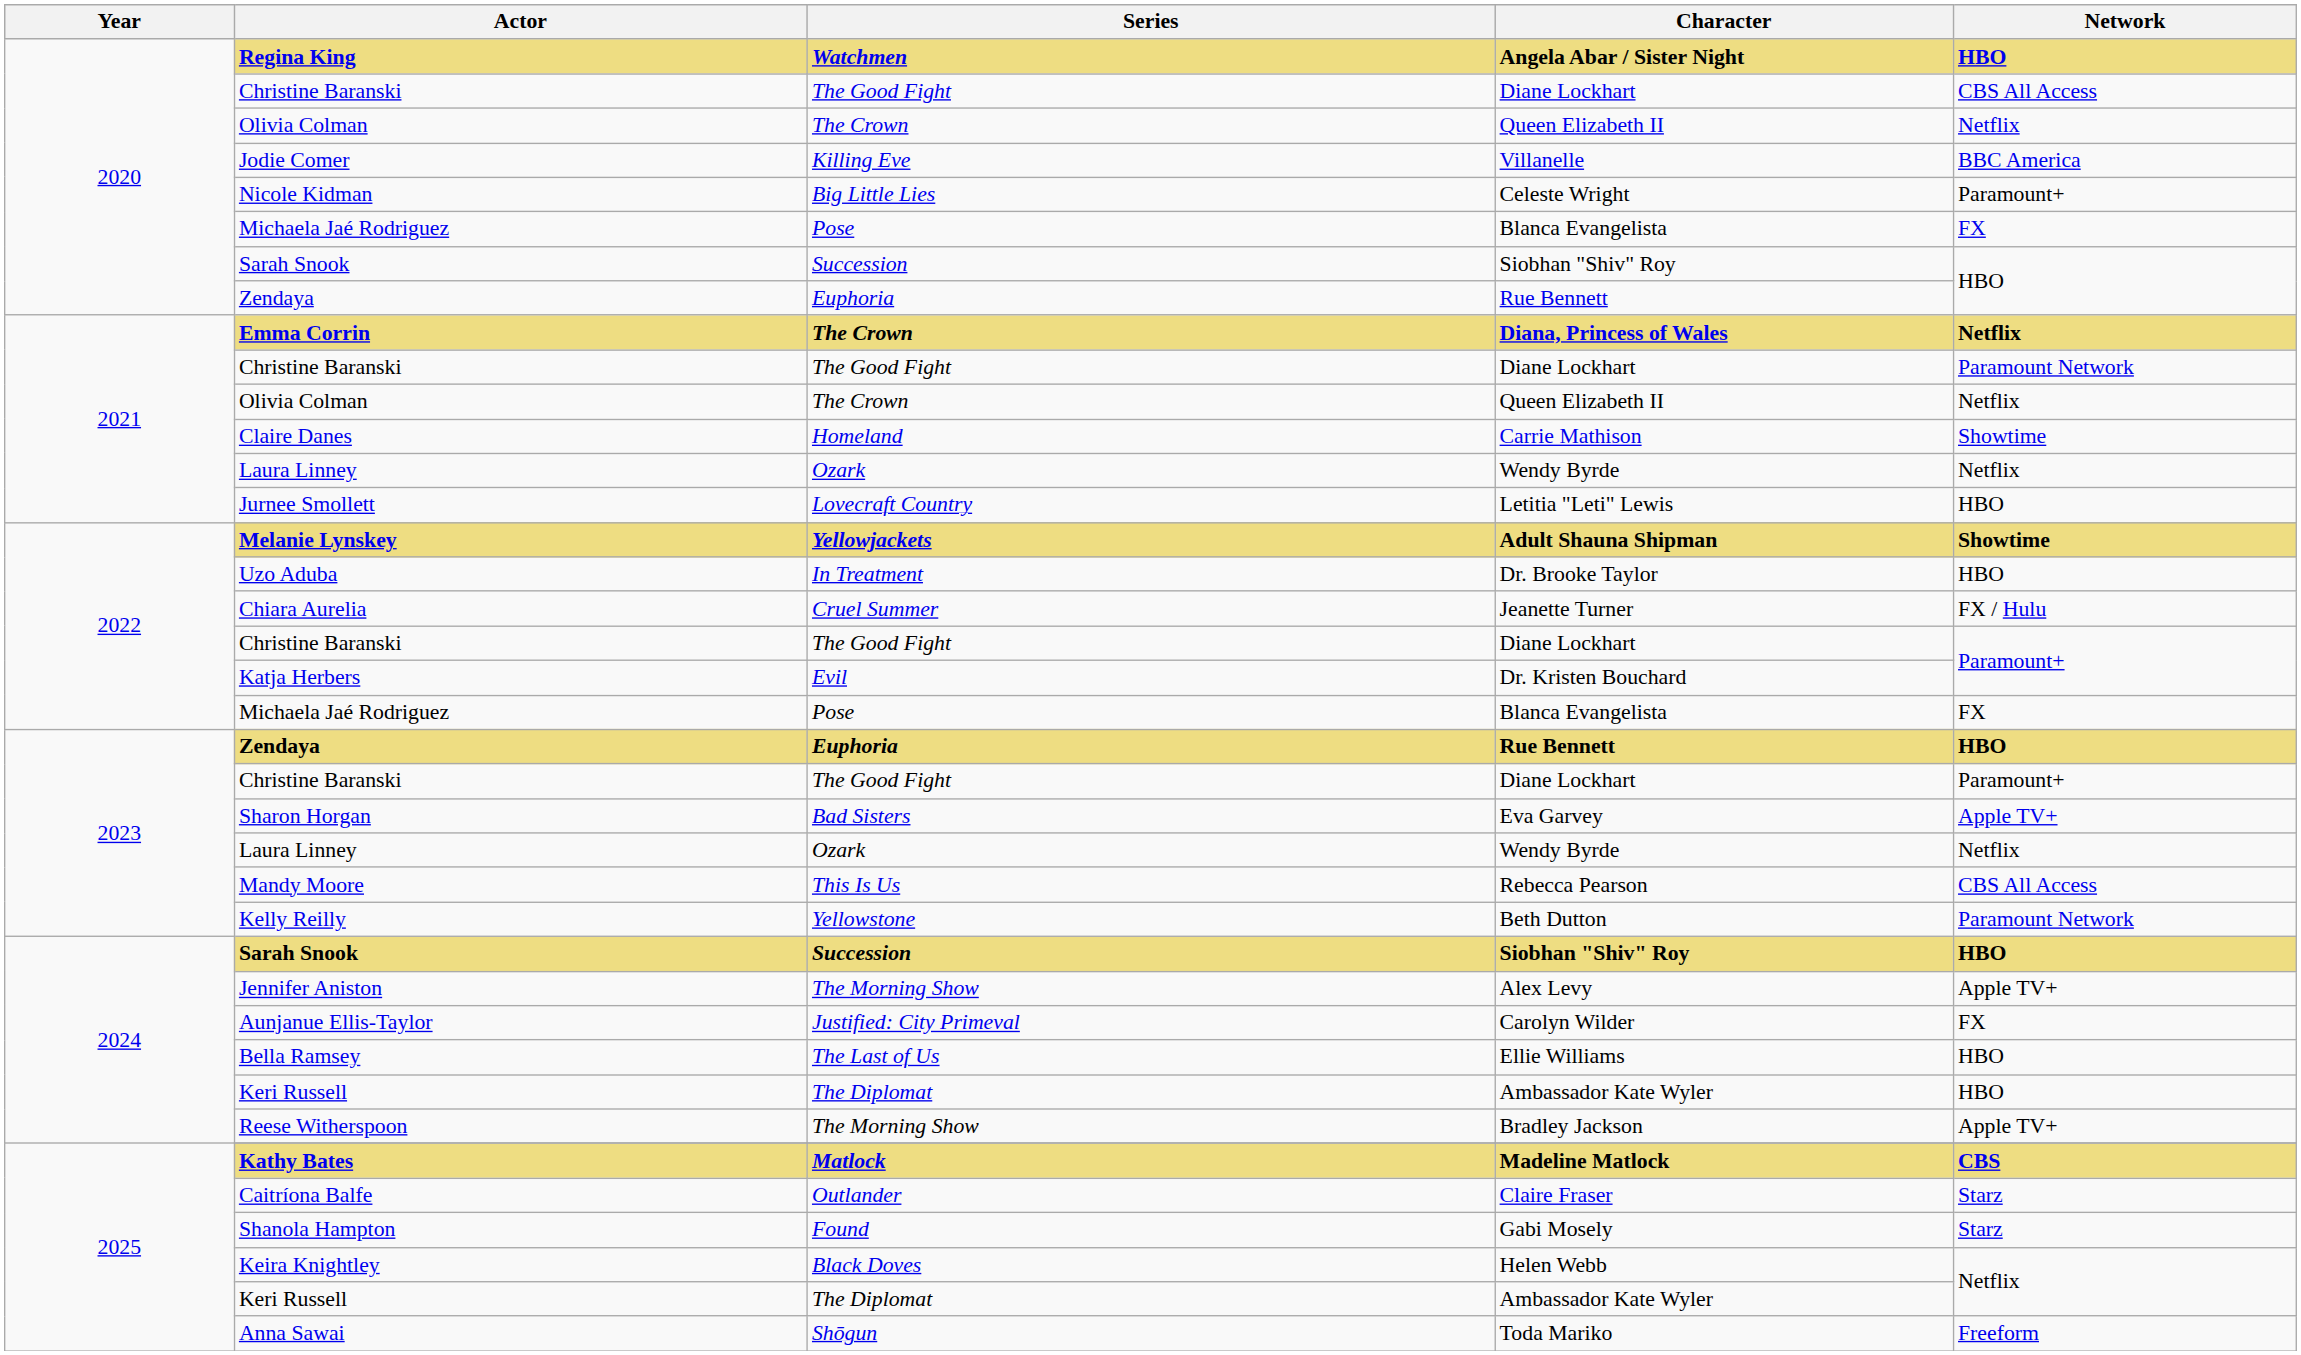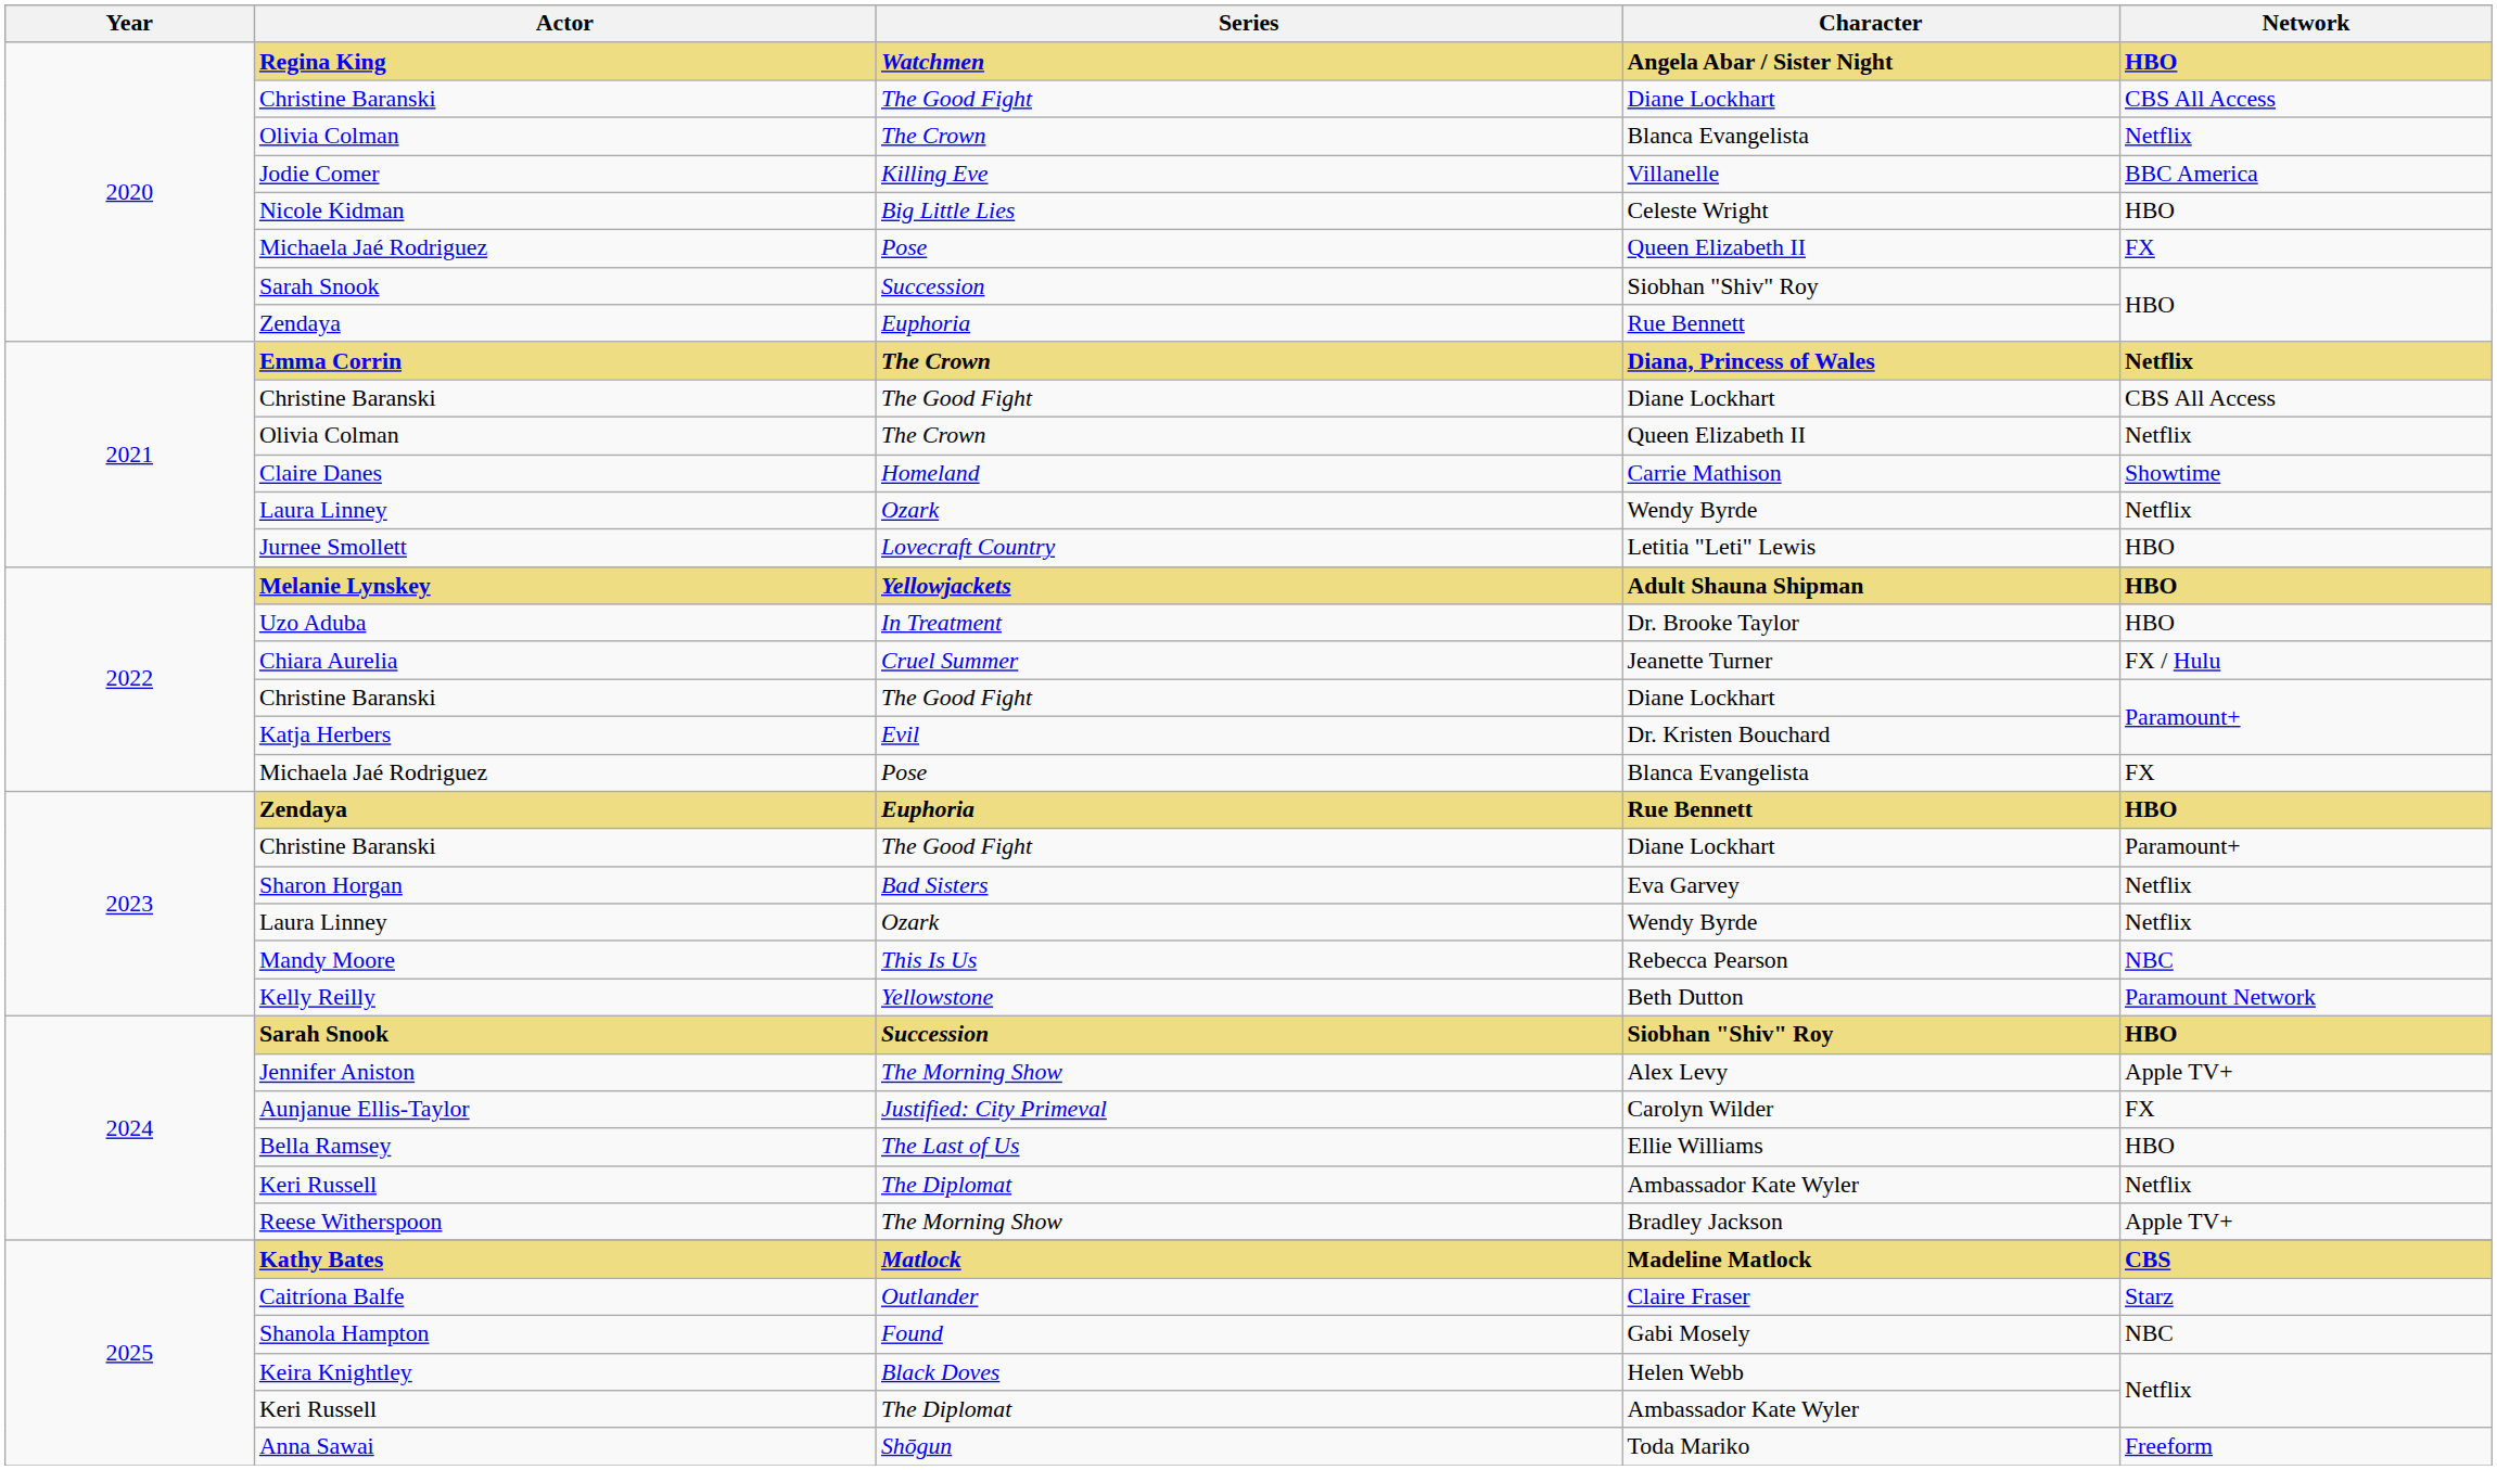 <table class="wikitable" style="width:85%">
 <tr style="background:#bebebe;">
 <th style="width:10%;">Year</th>
 <th style="wodth:25%;">Actor</th>
 <th style="width:30%;">Series</th>
 <th style="width:20%;">Character</th>
 <th style="width:15%;">Network</th>
 </tr>
 <tr>
 <td rowspan="8" style="text-align:center;"><a href='#'>2020</a><br></td>
 <td style="background:#EEDD82;"><strong><a href='#'>Regina King</a></strong></td>
 <td style="background:#EEDD82;"><strong><em><a href='#'>Watchmen</a></em></strong></td>
 <td style="background:#EEDD82;"><strong>Angela Abar / Sister Night</strong></td>
 <td style="background:#EEDD82;"><strong><a href='#'>HBO</a></strong></td>
 </tr>
 <tr>
 <td><a href='#'>Christine Baranski</a></td>
 <td><em><a href='#'>The Good Fight</a></em></td>
 <td><a href='#'>Diane Lockhart</a></td>
 <td><a href='#'>CBS All Access</a></td>
 </tr>
 <tr>
 <td><a href='#'>Olivia Colman</a></td>
 <td><em><a href='#'>The Crown</a></em></td>
-<td><a href='#'>Queen Elizabeth II</a></td>
+<td>Blanca Evangelista</td>
 <td><a href='#'>Netflix</a></td>
 </tr>
 <tr>
 <td><a href='#'>Jodie Comer</a></td>
 <td><em><a href='#'>Killing Eve</a></em></td>
 <td><a href='#'>Villanelle</a></td>
 <td><a href='#'>BBC America</a></td>
 </tr>
 <tr>
 <td><a href='#'>Nicole Kidman</a></td>
 <td><em><a href='#'>Big Little Lies</a></em></td>
 <td>Celeste Wright</td>
-<td>Paramount+</td>
+<td>HBO</td>
 </tr>
 <tr>
 <td><a href='#'>Michaela Jaé Rodriguez</a></td>
 <td><em><a href='#'>Pose</a></em></td>
-<td>Blanca Evangelista</td>
+<td><a href='#'>Queen Elizabeth II</a></td>
 <td><a href='#'>FX</a></td>
 </tr>
 <tr>
 <td><a href='#'>Sarah Snook</a></td>
 <td><em><a href='#'>Succession</a></em></td>
 <td>Siobhan "Shiv" Roy</td>
 <td rowspan="2">HBO</td>
 </tr>
 <tr>
 <td><a href='#'>Zendaya</a></td>
 <td><em><a href='#'>Euphoria</a></em></td>
 <td><a href='#'>Rue Bennett</a></td>
 </tr>
 <tr>
 <td rowspan="6" style="text-align:center;"><a href='#'>2021</a><br></td>
 <td style="background:#EEDD82;"><strong><a href='#'>Emma Corrin</a></strong></td>
 <td style="background:#EEDD82;"><strong><em>The Crown</em></strong></td>
 <td style="background:#EEDD82;"><strong><a href='#'>Diana, Princess of Wales</a></strong></td>
 <td style="background:#EEDD82;"><strong>Netflix</strong></td>
 </tr>
 <tr>
 <td>Christine Baranski</td>
 <td><em>The Good Fight</em></td>
 <td>Diane Lockhart</td>
-<td><a href='#'>Paramount Network</a></td>
+<td>CBS All Access</td>
 </tr>
 <tr>
 <td>Olivia Colman</td>
 <td><em>The Crown</em></td>
 <td>Queen Elizabeth II</td>
 <td>Netflix</td>
 </tr>
 <tr>
 <td><a href='#'>Claire Danes</a></td>
 <td><em><a href='#'>Homeland</a></em></td>
 <td><a href='#'>Carrie Mathison</a></td>
 <td><a href='#'>Showtime</a></td>
 </tr>
 <tr>
 <td><a href='#'>Laura Linney</a></td>
 <td><em><a href='#'>Ozark</a></em></td>
 <td>Wendy Byrde</td>
 <td>Netflix</td>
 </tr>
 <tr>
 <td><a href='#'>Jurnee Smollett</a></td>
 <td><em><a href='#'>Lovecraft Country</a></em></td>
 <td>Letitia "Leti" Lewis</td>
 <td>HBO</td>
 </tr>
 <tr>
 <td rowspan="6" style="text-align:center;"><a href='#'>2022</a><br></td>
 <td style="background:#EEDD82;"><strong><a href='#'>Melanie Lynskey</a></strong></td>
 <td style="background:#EEDD82;"><strong><em><a href='#'>Yellowjackets</a></em></strong></td>
 <td style="background:#EEDD82;"><strong>Adult Shauna Shipman</strong></td>
-<td style="background:#EEDD82;"><strong>Showtime</strong></td>
+<td style="background:#EEDD82;"><strong>HBO</strong></td>
 </tr>
 <tr>
 <td><a href='#'>Uzo Aduba</a></td>
 <td><em><a href='#'>In Treatment</a></em></td>
 <td>Dr. Brooke Taylor</td>
 <td>HBO</td>
 </tr>
 <tr>
 <td><a href='#'>Chiara Aurelia</a></td>
 <td><em><a href='#'>Cruel Summer</a></em></td>
 <td>Jeanette Turner</td>
 <td>FX / <a href='#'>Hulu</a></td>
 </tr>
 <tr>
 <td>Christine Baranski</td>
 <td><em>The Good Fight</em></td>
 <td>Diane Lockhart</td>
 <td rowspan=2><a href='#'>Paramount+</a></td>
 </tr>
 <tr>
 <td><a href='#'>Katja Herbers</a></td>
 <td><em><a href='#'>Evil</a></em></td>
 <td>Dr. Kristen Bouchard</td>
 </tr>
 <tr>
 <td>Michaela Jaé Rodriguez</td>
 <td><em>Pose</em></td>
 <td>Blanca Evangelista</td>
 <td>FX</td>
 </tr>
 <tr>
 <td rowspan="6" style="text-align:center;"><a href='#'>2023</a><br></td>
 <td style="background:#EEDD82;"><strong>Zendaya</strong></td>
 <td style="background:#EEDD82;"><strong><em>Euphoria</em></strong></td>
 <td style="background:#EEDD82;"><strong>Rue Bennett</strong></td>
 <td style="background:#EEDD82;"><strong>HBO</strong></td>
 </tr>
 <tr>
 <td>Christine Baranski</td>
 <td><em>The Good Fight</em></td>
 <td>Diane Lockhart</td>
 <td>Paramount+</td>
 </tr>
 <tr>
 <td><a href='#'>Sharon Horgan</a></td>
 <td><em><a href='#'>Bad Sisters</a></em></td>
 <td>Eva Garvey</td>
-<td><a href='#'>Apple TV+</a></td>
+<td>Netflix</td>
 </tr>
 <tr>
 <td>Laura Linney</td>
 <td><em>Ozark</em></td>
 <td>Wendy Byrde</td>
 <td>Netflix</td>
 </tr>
 <tr>
 <td><a href='#'>Mandy Moore</a></td>
 <td><em><a href='#'>This Is Us</a></em></td>
 <td>Rebecca Pearson</td>
-<td><a href='#'>CBS All Access</a></td>
+<td><a href='#'>NBC</a></td>
 </tr>
 <tr>
 <td><a href='#'>Kelly Reilly</a></td>
 <td><em><a href='#'>Yellowstone</a></em></td>
 <td>Beth Dutton</td>
 <td><a href='#'>Paramount Network</a></td>
 </tr>
 <tr>
 <td rowspan="6" style="text-align:center;"><a href='#'>2024</a><br></td>
 <td style="background:#EEDD82;"><strong>Sarah Snook</strong></td>
 <td style="background:#EEDD82;"><strong><em>Succession</em></strong></td>
 <td style="background:#EEDD82;"><strong>Siobhan "Shiv" Roy</strong></td>
 <td style="background:#EEDD82;"><strong>HBO</strong></td>
 </tr>
 <tr>
 <td><a href='#'>Jennifer Aniston</a></td>
 <td><em><a href='#'>The Morning Show</a></em></td>
 <td>Alex Levy</td>
 <td>Apple TV+</td>
 </tr>
 <tr>
 <td><a href='#'>Aunjanue Ellis-Taylor</a></td>
 <td><em><a href='#'>Justified: City Primeval</a></em></td>
 <td>Carolyn Wilder</td>
 <td>FX</td>
 </tr>
 <tr>
 <td><a href='#'>Bella Ramsey</a></td>
 <td><em><a href='#'>The Last of Us</a></em></td>
 <td>Ellie Williams</td>
 <td>HBO</td>
 </tr>
 <tr>
 <td><a href='#'>Keri Russell</a></td>
 <td><em><a href='#'>The Diplomat</a></em></td>
 <td>Ambassador Kate Wyler</td>
-<td>HBO</td>
+<td>Netflix</td>
 </tr>
 <tr>
 <td><a href='#'>Reese Witherspoon</a></td>
 <td><em>The Morning Show</em></td>
 <td>Bradley Jackson</td>
 <td>Apple TV+</td>
 </tr>
 <tr>
 <td rowspan="8" style="text-align:center;"><a href='#'>2025</a><br></td>
 </tr>
 <tr>
 <td style="background:#EEDD82;"><strong> <a href='#'>Kathy Bates</a></strong></td>
 <td style="background:#EEDD82;"><strong><em><a href='#'>Matlock</a></em></strong></td>
 <td style="background:#EEDD82;"><strong>Madeline Matlock</strong></td>
 <td style="background:#EEDD82;"><strong><a href='#'>CBS</a></strong></td>
 </tr>
 <tr>
 <td><a href='#'>Caitríona Balfe</a></td>
 <td><em><a href='#'>Outlander</a></em></td>
 <td><a href='#'>Claire Fraser</a></td>
 <td><a href='#'>Starz</a></td>
 </tr>
 <tr>
 <td><a href='#'>Shanola Hampton</a></td>
 <td><em><a href='#'>Found</a></em></td>
 <td>Gabi Mosely</td>
-<td><a href='#'>Starz</a></td>
+<td>NBC</td>
 </tr>
 <tr>
 <td><a href='#'>Keira Knightley</a></td>
 <td><em><a href='#'>Black Doves</a></em></td>
 <td>Helen Webb</td>
 <td rowspan="2">Netflix</td>
 </tr>
 <tr>
 <td>Keri Russell</td>
 <td><em>The Diplomat</em></td>
 <td>Ambassador Kate Wyler</td>
 </tr>
 <tr>
 <td><a href='#'>Anna Sawai</a></td>
 <td><em><a href='#'>Shōgun</a></em></td>
 <td>Toda Mariko</td>
 <td><a href='#'>Freeform</a></td>
 </tr>
 </table>
